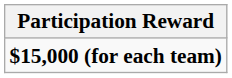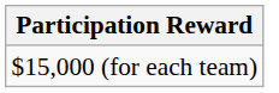 <table class="wikitable" style="text-align:center; margin-top:0px;">
 <tr>
 <th>Participation Reward</th>
 </tr>
 <tr>
-<td><strong>$15,000 (for each team)</strong></td>
+<td>$15,000 (for each team)</td>
 </tr>
 </table>
